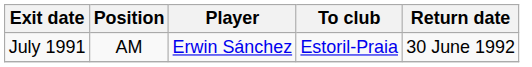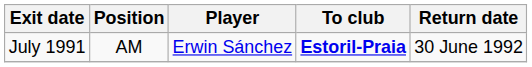 <table class="wikitable">
 <tr>
 <th>Exit date</th>
 <th>Position</th>
 <th>Player</th>
 <th>To club</th>
 <th>Return date</th>
 </tr>
 <tr>
 <td>July 1991</td>
 <td style="text-align:center;">AM</td>
 <td style="text-align:left;"><a href='#'>Erwin Sánchez</a></td>
-<td style="text-align:left;"><a href='#'>Estoril-Praia</a></td>
+<td style="text-align:left;"><strong><a href='#'>Estoril-Praia</a></strong></td>
 <td>30 June 1992</td>
 </tr>
 <tr>
 </tr>
 </table>
